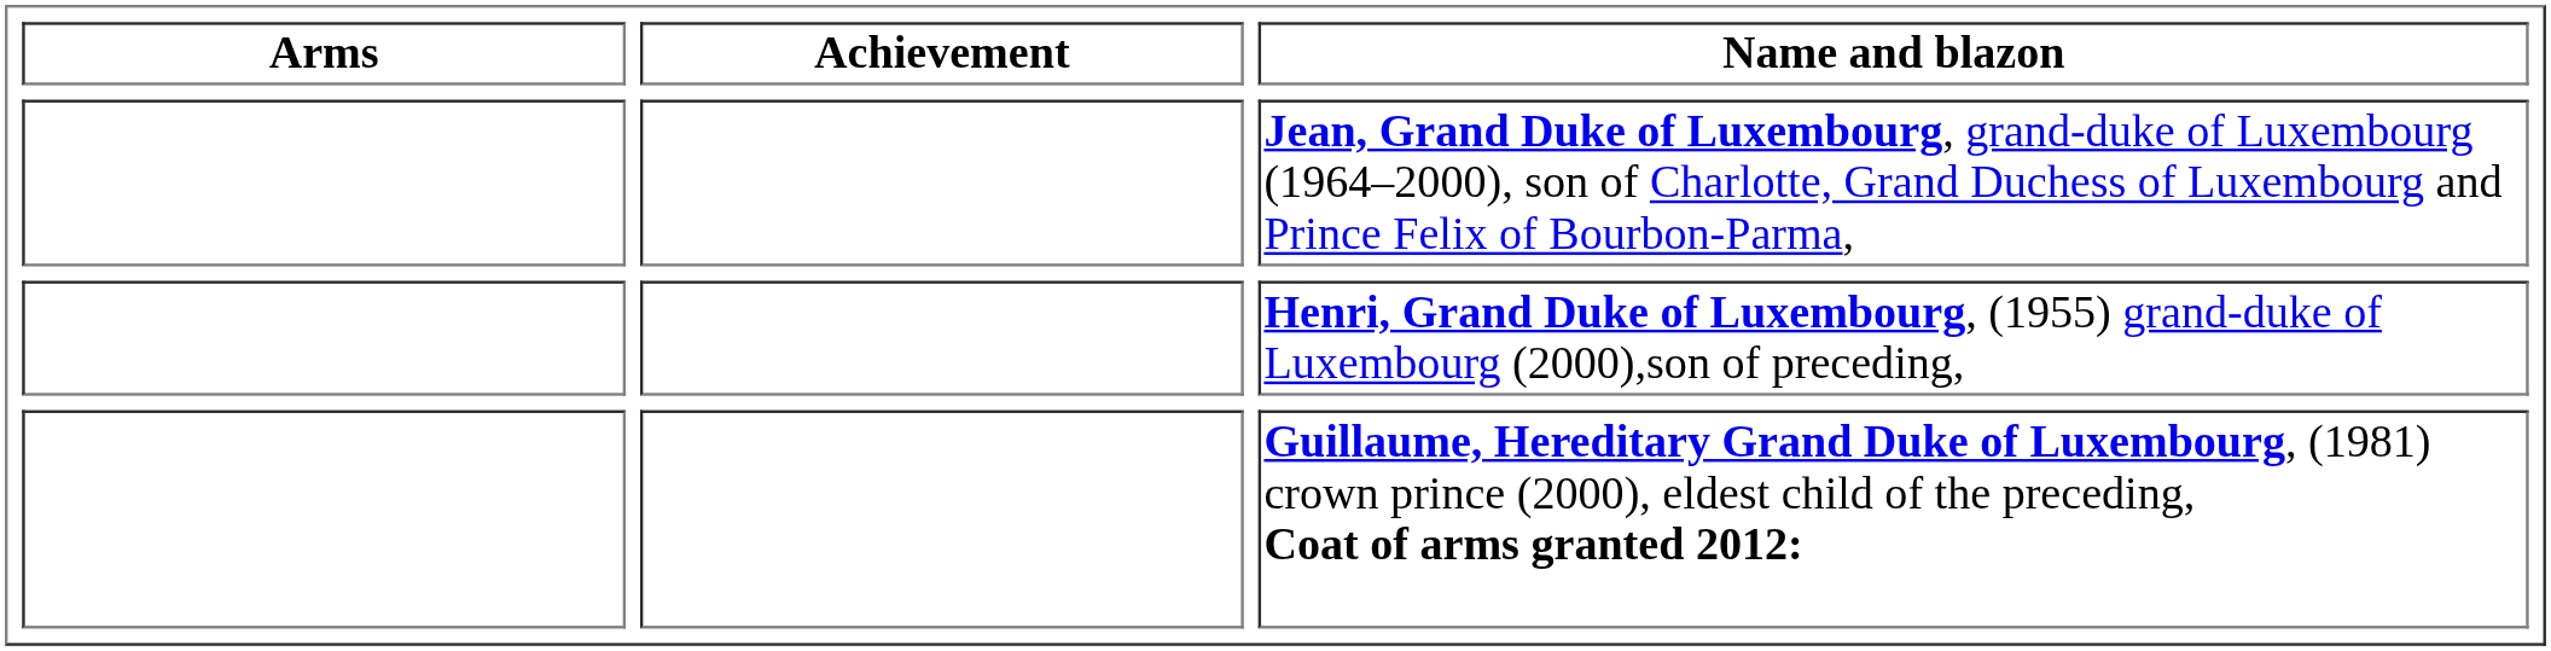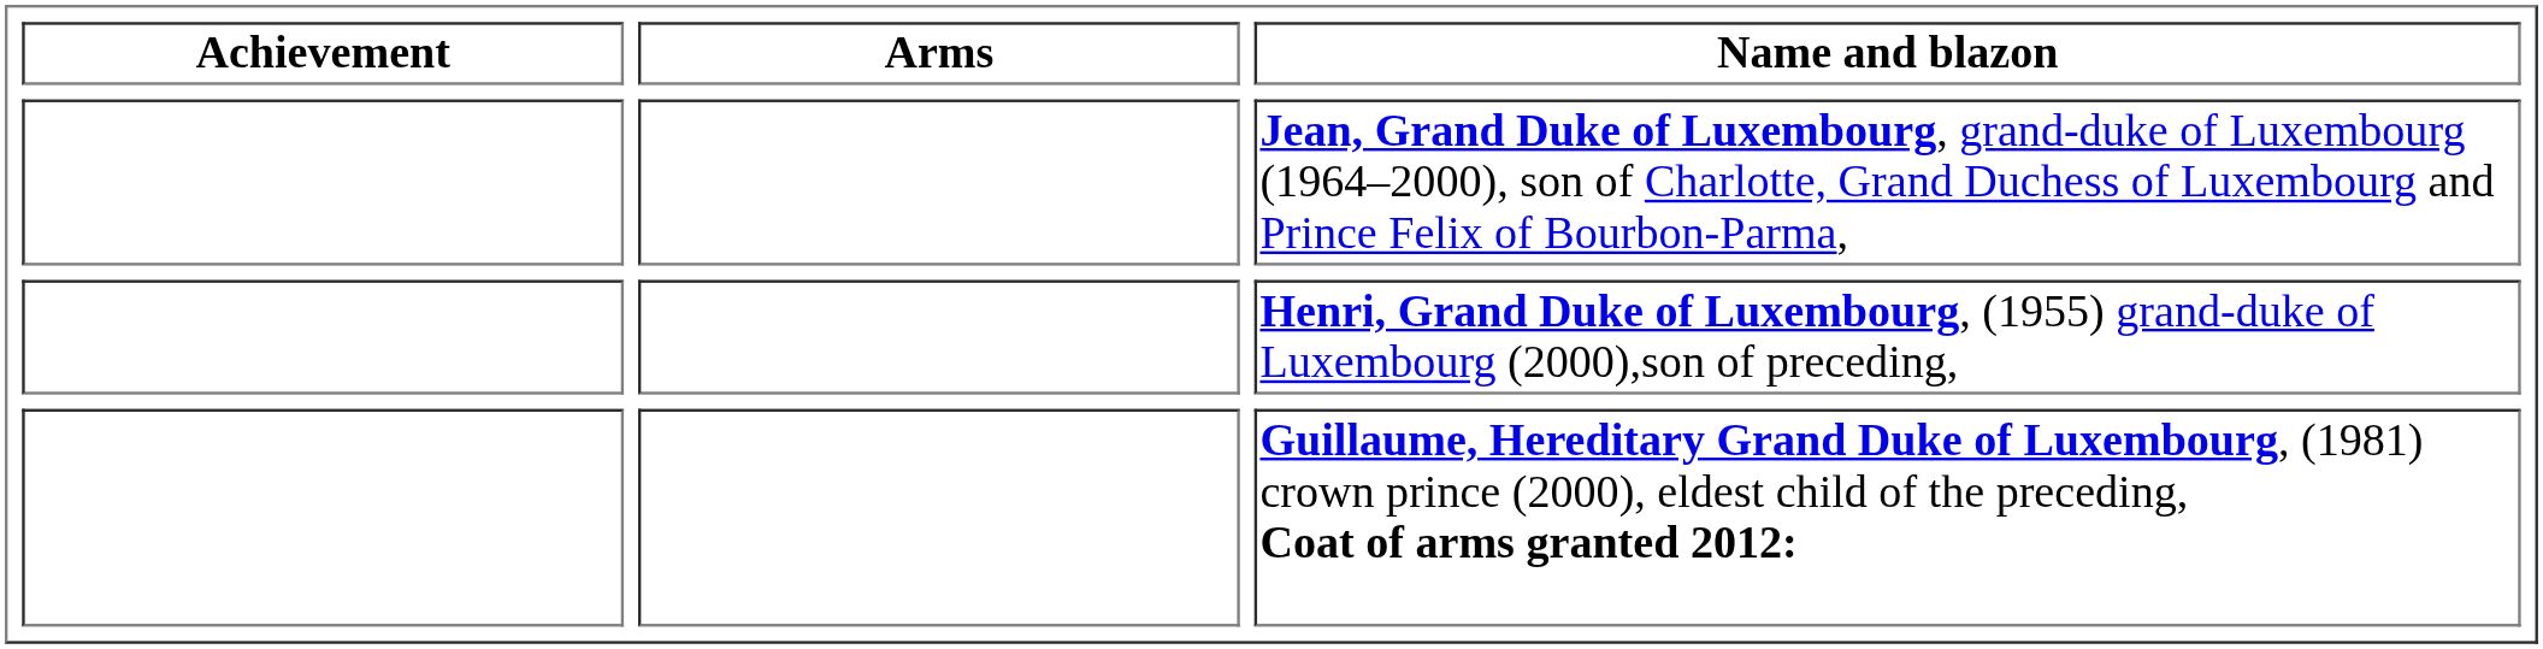 <table border=1 cellspacing=5 width="100%">
 <tr valign=top align=center>
+<td width="206"><strong>Achievement</strong></td>
 <td width="206"><strong>Arms</strong></td>
-<td width="206"><strong>Achievement</strong></td>
 <td><strong>Name and blazon</strong></td>
 </tr>
 <tr valign=top>
+<td align=center><br><br></td>
 <td align=center><br><br><br></td>
-<td align=center><br><br></td>
 <td><strong><a href='#'>Jean, Grand Duke of Luxembourg</a></strong>, <a href='#'>grand-duke of Luxembourg</a> (1964–2000), son of <a href='#'>Charlotte, Grand Duchess of Luxembourg</a> and <a href='#'>Prince Felix of Bourbon-Parma</a>,<br></td>
 </tr>
 <tr valign=top>
+<td align=center><br><br></td>
 <td align=center><br></td>
-<td align=center><br><br></td>
 <td><strong><a href='#'>Henri, Grand Duke of Luxembourg</a></strong>, (1955) <a href='#'>grand-duke of Luxembourg</a> (2000),son of preceding,<br></td>
 </tr>
 <tr valign=top>
+<td align=center><br> <br></td>
 <td align=center><br><br> <br><br></td>
-<td align=center><br> <br></td>
 <td><strong><a href='#'>Guillaume, Hereditary Grand Duke of Luxembourg</a></strong>, (1981) crown prince (2000), eldest child of the preceding,<br><strong>Coat of arms granted 2012:  </strong></td>
 </tr>
 </table>
